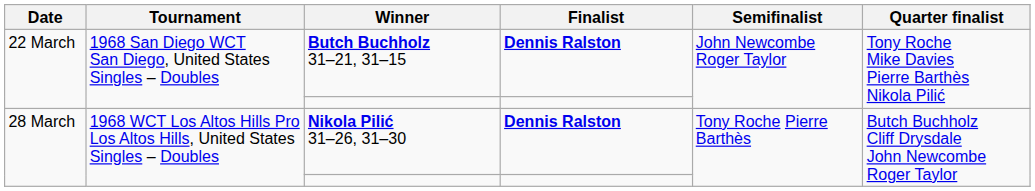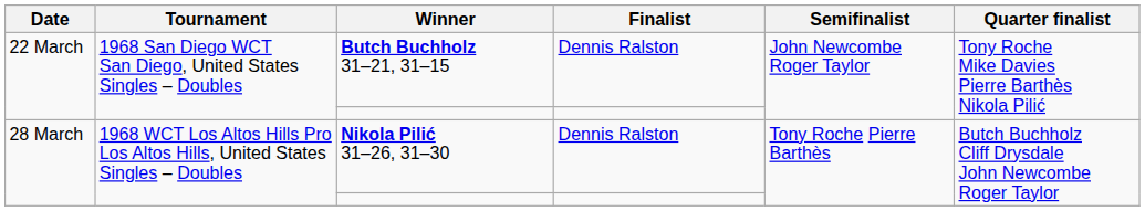 <table class="wikitable" style="font-size:85%;">
 <tr>
 <th width="75">Date</th>
 <th width="230">Tournament</th>
 <th width="210">Winner</th>
 <th width="210">Finalist</th>
 <th width="170">Semifinalist</th>
 <th width="170">Quarter finalist</th>
 </tr>
 <tr valign=top>
 <td rowspan=2>22 March</td>
 <td rowspan=2><a href='#'>1968 San Diego WCT</a><br><a href='#'>San Diego</a>, United States<br><a href='#'>Singles</a> – <a href='#'>Doubles</a></td>
 <td> <strong><a href='#'>Butch Buchholz</a></strong><br>31–21, 31–15</td>
-<td><strong> <a href='#'>Dennis Ralston</a></strong></td>
+<td> <a href='#'>Dennis Ralston</a></td>
 <td rowspan=2> <a href='#'>John Newcombe</a> <a href='#'>Roger Taylor</a></td>
 <td rowspan=2> <a href='#'>Tony Roche</a> <br>  <a href='#'>Mike Davies</a> <br>  <a href='#'>Pierre Barthès</a> <br>  <a href='#'>Nikola Pilić</a></td>
 </tr>
 <tr valign=top>
 <td></td>
 <td></td>
 </tr>
 <tr valign=top>
 <td rowspan=2>28 March</td>
 <td rowspan=2><a href='#'>1968 WCT Los Altos Hills Pro</a><br><a href='#'>Los Altos Hills</a>, United States<br><a href='#'>Singles</a> – <a href='#'>Doubles</a></td>
 <td> <strong><a href='#'>Nikola Pilić</a></strong><br>31–26, 31–30</td>
-<td><strong> <a href='#'>Dennis Ralston</a></strong></td>
+<td> <a href='#'>Dennis Ralston</a></td>
 <td rowspan=2> <a href='#'>Tony Roche</a> <a href='#'>Pierre Barthès</a></td>
 <td rowspan=2> <a href='#'>Butch Buchholz</a> <br>  <a href='#'>Cliff Drysdale</a> <br>  <a href='#'>John Newcombe</a> <br>  <a href='#'>Roger Taylor</a></td>
 </tr>
 <tr valign=top>
 <td></td>
 <td></td>
 </tr>
 </table>
